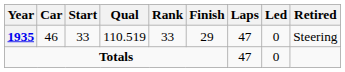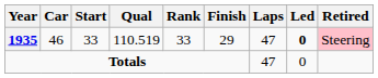 <table class="wikitable" style="text-align:center">
 <tr>
 <th>Year</th>
 <th>Car</th>
 <th>Start</th>
 <th>Qual</th>
 <th>Rank</th>
 <th>Finish</th>
 <th>Laps</th>
 <th>Led</th>
 <th>Retired</th>
 </tr>
 <tr>
 <th><a href='#'>1935</a></th>
 <td>46</td>
 <td>33</td>
 <td>110.519</td>
 <td>33</td>
 <td>29</td>
 <td>47</td>
-<td>0</td>
-<td>Steering</td>
+<td><strong>0</strong></td>
+<td style="background: pink;">Steering</td>
 </tr>
 <tr>
 <td colspan=6><strong>Totals</strong></td>
 <td>47</td>
 <td>0</td>
 <td></td>
 </tr>
 </table>
